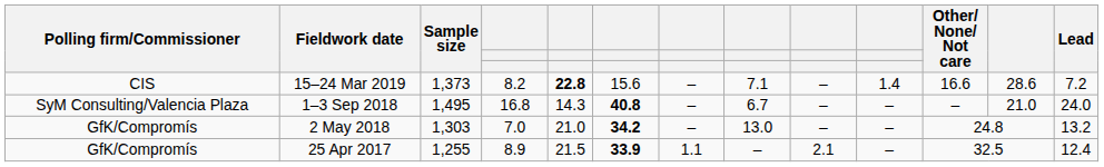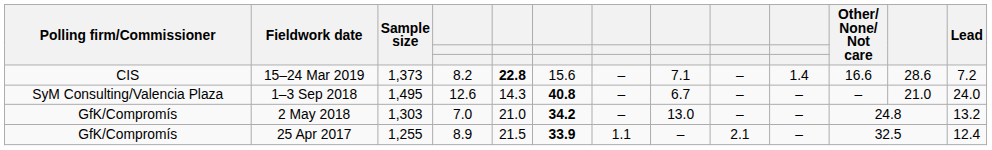 <table class="wikitable collapsible collapsed" style="text-align:center; font-size:90%; line-height:14px;">
 <tr style="height:42px;">
 <th style="width:250px;" rowspan="3">Polling firm/Commissioner</th>
 <th style="width:125px;" rowspan="3">Fieldwork date</th>
 <th style="width:50px;" rowspan="3">Sample size</th>
 <th style="width:55px;"></th>
 <th style="width:35px;"></th>
 <th style="width:55px;"></th>
 <th style="width:55px;"></th>
 <th style="width:55px;"></th>
 <th style="width:55px;"></th>
 <th style="width:55px;"></th>
 <th style="width:55px;" rowspan="3">Other/<br>None/<br>Not<br>care</th>
 <th style="width:55px;" rowspan="3"></th>
 <th style="width:30px;" rowspan="3">Lead</th>
 </tr>
 <tr>
 <th style="color:inherit;background:"></th>
 <th style="color:inherit;background:"></th>
 <th style="color:inherit;background:"></th>
 <th style="color:inherit;background:"></th>
 <th style="color:inherit;background:"></th>
 <th style="color:inherit;background:"></th>
 <th style="color:inherit;background:"></th>
 </tr>
 <tr>
 <th></th>
 <th></th>
 <th></th>
 <th></th>
 <th></th>
 <th></th>
 <th></th>
 </tr>
 <tr>
 <td>CIS</td>
 <td>15–24 Mar 2019</td>
 <td>1,373</td>
 <td>8.2</td>
 <td><strong>22.8</strong></td>
 <td>15.6</td>
 <td>–</td>
 <td>7.1</td>
 <td>–</td>
 <td>1.4</td>
 <td>16.6</td>
 <td>28.6</td>
 <td style="background:">7.2</td>
 </tr>
 <tr>
 <td>SyM Consulting/Valencia Plaza</td>
 <td>1–3 Sep 2018</td>
 <td>1,495</td>
-<td>16.8</td>
+<td>12.6</td>
 <td>14.3</td>
 <td><strong>40.8</strong></td>
 <td>–</td>
 <td>6.7</td>
 <td>–</td>
 <td>–</td>
 <td>–</td>
 <td>21.0</td>
 <td style="background:">24.0</td>
 </tr>
 <tr>
 <td>GfK/Compromís</td>
 <td>2 May 2018</td>
 <td>1,303</td>
 <td>7.0</td>
 <td>21.0</td>
 <td><strong>34.2</strong></td>
 <td>–</td>
 <td>13.0</td>
 <td>–</td>
 <td>–</td>
 <td colspan="2">24.8</td>
 <td style="background:">13.2</td>
 </tr>
 <tr>
 <td>GfK/Compromís</td>
 <td>25 Apr 2017</td>
 <td>1,255</td>
 <td>8.9</td>
 <td>21.5</td>
 <td><strong>33.9</strong></td>
 <td>1.1</td>
 <td>–</td>
 <td>2.1</td>
 <td>–</td>
 <td colspan="2">32.5</td>
 <td style="background:">12.4</td>
 </tr>
 </table>
